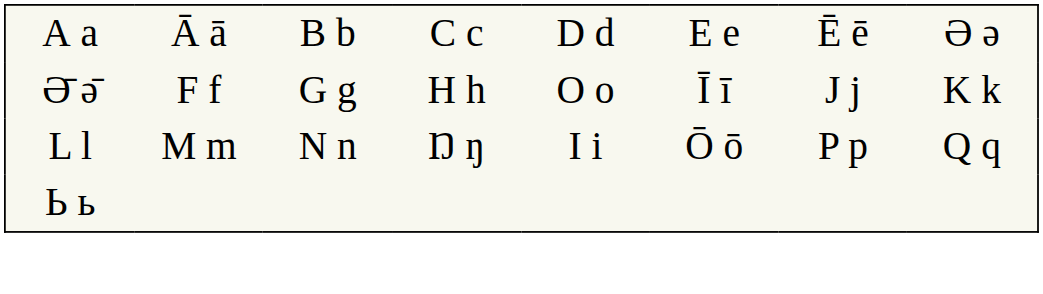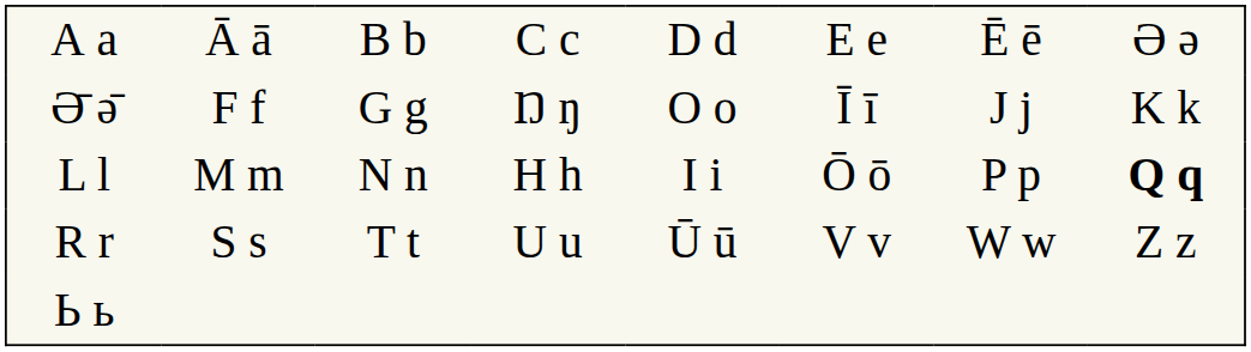 <table style="font-family:Arial Unicode MS; font-size:1.4em; border-color:#000000; border-width:1px; border-style:solid; border-collapse:collapse; background-color:#F8F8EF">
 <tr>
 <td style="width:3em; text-align:center; padding: 3px;">А а</td>
 <td style="width:3em; text-align:center; padding: 3px;">Ā ā</td>
 <td style="width:3em; text-align:center; padding: 3px;">B b</td>
 <td style="width:3em; text-align:center; padding: 3px;">C c</td>
 <td style="width:3em; text-align:center; padding: 3px;">D d</td>
 <td style="width:3em; text-align:center; padding: 3px;">Е е</td>
 <td style="width:3em; text-align:center; padding: 3px;">Ē ē</td>
 <td style="width:3em; text-align:center; padding: 3px;">Ə ə</td>
 </tr>
 <tr>
 <td style="width:3em; text-align:center; padding: 3px;">Ə̄ ə̄</td>
 <td style="width:3em; text-align:center; padding: 3px;">F f</td>
 <td style="width:3em; text-align:center; padding: 3px;">G g</td>
-<td style="width:3em; text-align:center; padding: 3px;">H h</td>
+<td style="width:3em; text-align:center; padding: 3px;">Ŋ ŋ</td>
 <td style="width:3em; text-align:center; padding: 3px;">O o</td>
 <td style="width:3em; text-align:center; padding: 3px;">Ī ī</td>
 <td style="width:3em; text-align:center; padding: 3px;">J j</td>
 <td style="width:3em; text-align:center; padding: 3px;">K k</td>
 </tr>
 <tr>
 <td style="width:3em; text-align:center; padding: 3px;">L l</td>
 <td style="width:3em; text-align:center; padding: 3px;">M m</td>
 <td style="width:3em; text-align:center; padding: 3px;">N n</td>
-<td style="width:3em; text-align:center; padding: 3px;">Ŋ ŋ</td>
+<td style="width:3em; text-align:center; padding: 3px;">H h</td>
 <td style="width:3em; text-align:center; padding: 3px;">I i</td>
 <td style="width:3em; text-align:center; padding: 3px;">Ō ō</td>
 <td style="width:3em; text-align:center; padding: 3px;">P p</td>
-<td style="width:3em; text-align:center; padding: 3px;">Q q</td>
+<td style="width:3em; text-align:center; padding: 3px;"><strong>Q q</strong></td>
+</tr>
+<tr>
+<td style="width:3em; text-align:center; padding: 3px;">R r</td>
+<td style="width:3em; text-align:center; padding: 3px;">S s</td>
+<td style="width:3em; text-align:center; padding: 3px;">T t</td>
+<td style="width:3em; text-align:center; padding: 3px;">U u</td>
+<td style="width:3em; text-align:center; padding: 3px;">Ū ū</td>
+<td style="width:3em; text-align:center; padding: 3px;">V v</td>
+<td style="width:3em; text-align:center; padding: 3px;">W w</td>
+<td style="width:3em; text-align:center; padding: 3px;">Z z</td>
 </tr>
 <tr>
 <td style="width:3em; text-align:center; padding: 3px;">Ь ь</td>
 <td></td>
 <td></td>
 <td></td>
 <td></td>
 <td></td>
 <td></td>
 <td></td>
 </tr>
 </table>
